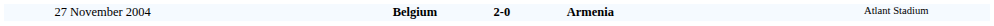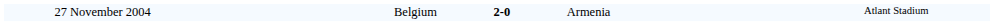 <table style="width: 100%; background:#F5FAFF;" cellspacing="0">
 <tr>
 <td align=center rowspan=3 width=20%>27 November 2004</td>
 </tr>
 <tr>
-<td width=24% align=right><strong>Belgium </strong></td>
+<td width=24% align=right>Belgium </td>
 <td align=center width=13%><strong>2-0</strong></td>
-<td width=24%><strong> Armenia</strong></td>
+<td width=24%> Armenia</td>
 <td style=font-size:85% rowspan=3 valign=top align=center>Atlant Stadium</td>
 </tr>
 <tr style=font-size:85%>
 <td align=right valign=top></td>
 <td></td>
 <td></td>
 </tr>
 </table>
